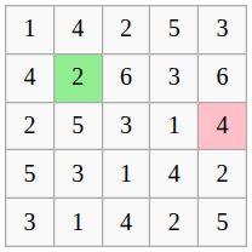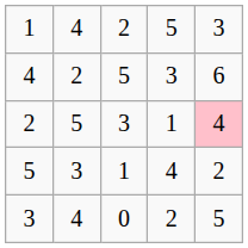 <table class="wikitable" style="margin-left:auto;margin-right:auto;text-align:center;width:10em;height:10em;table-layout:fixed;">
 <tr>
 <td>1</td>
 <td>4</td>
 <td>2</td>
 <td>5</td>
 <td>3</td>
 </tr>
 <tr>
 <td>4</td>
-<td style="background: lightgreen;">2</td>
-<td>6</td>
+<td>2</td>
+<td>5</td>
 <td>3</td>
 <td>6</td>
 </tr>
 <tr>
 <td>2</td>
 <td>5</td>
 <td>3</td>
 <td>1</td>
 <td style="background: pink;">4</td>
 </tr>
 <tr>
 <td>5</td>
 <td>3</td>
 <td>1</td>
 <td>4</td>
 <td>2</td>
 </tr>
 <tr>
 <td>3</td>
-<td>1</td>
 <td>4</td>
+<td>0</td>
 <td>2</td>
 <td>5</td>
 </tr>
 </table>
